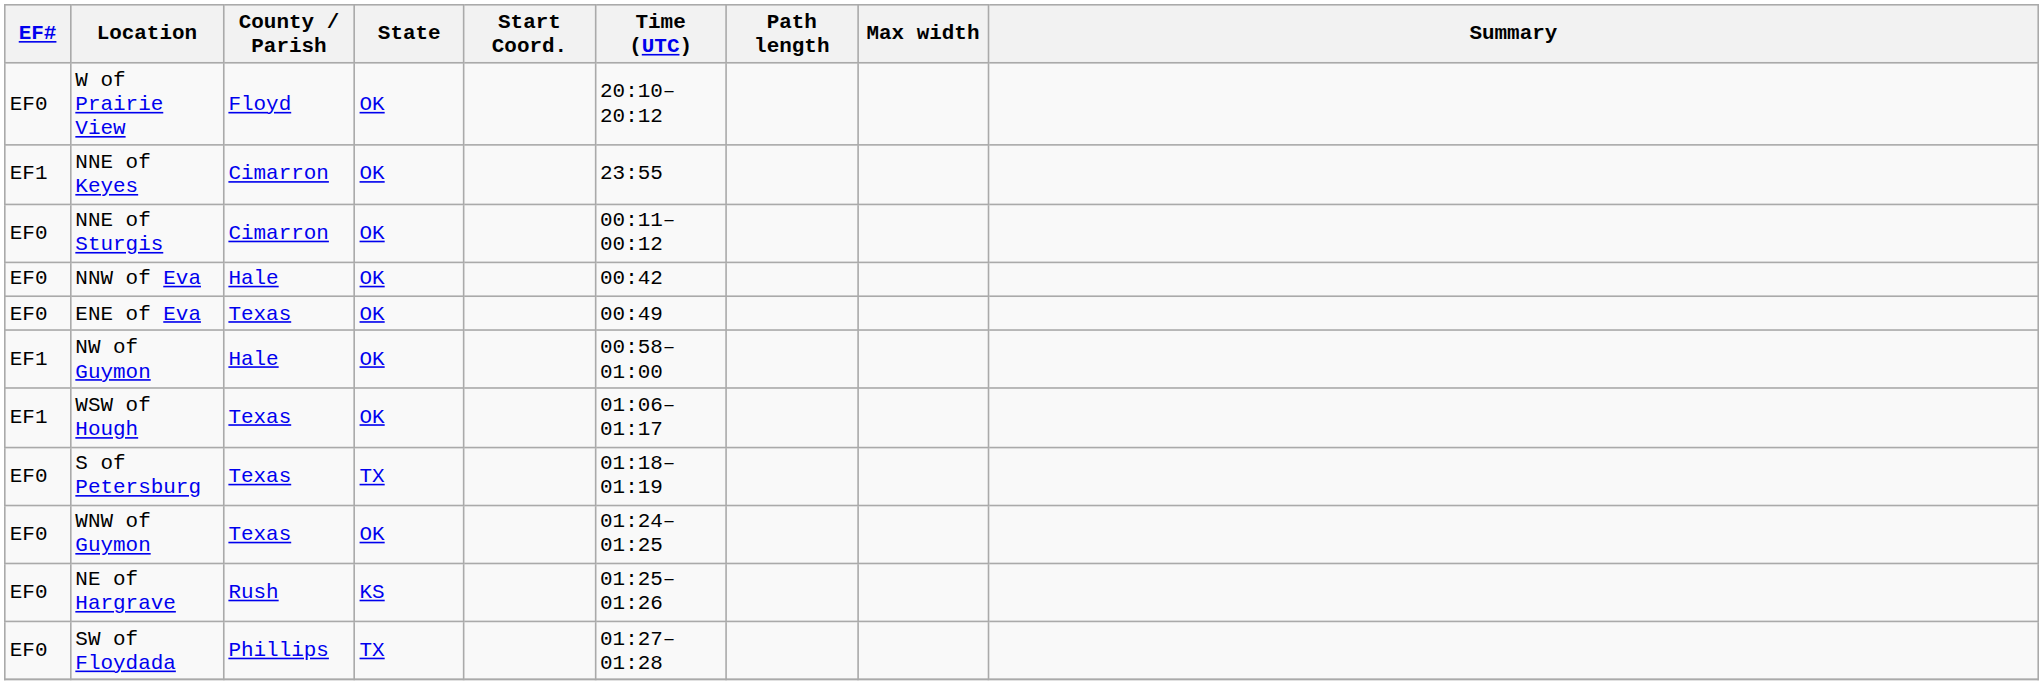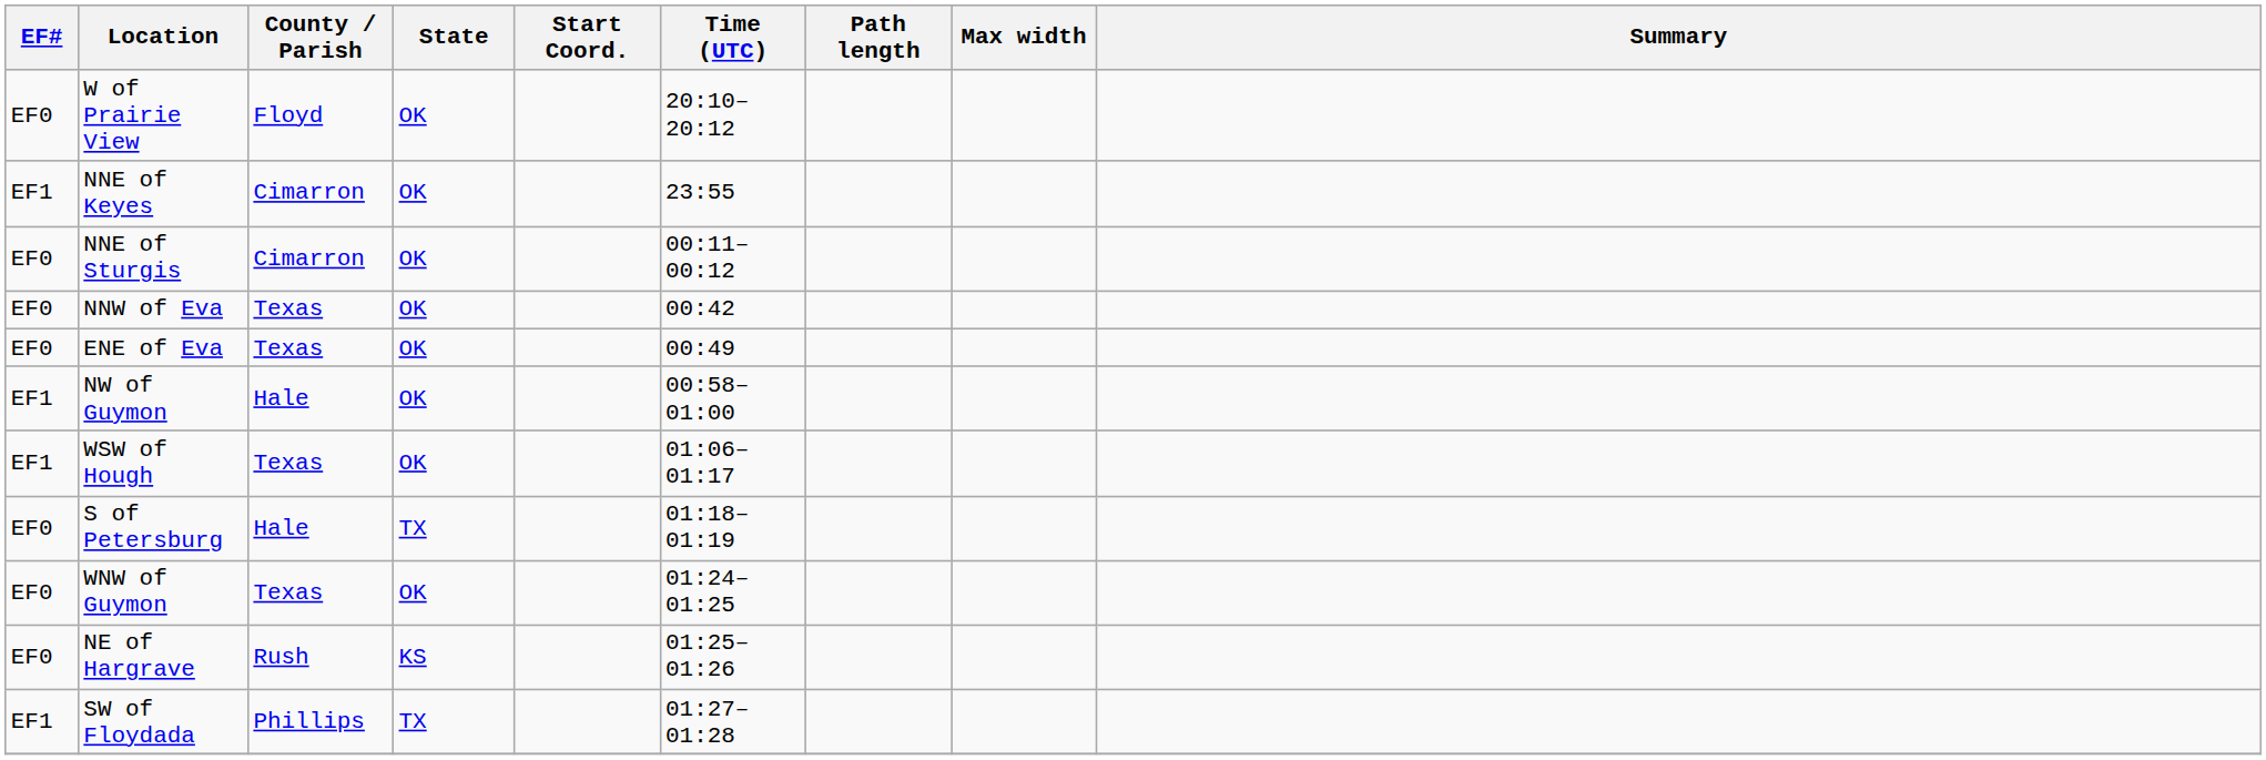 <table class="wikitable sortable" style="width:100%;">
 <tr>
 <th scope="col"  style="width:3%; text-align:center;"><a href='#'>EF#</a></th>
 <th scope="col"  style="width:7%; text-align:center;" class="unsortable">Location</th>
 <th scope="col"  style="width:6%; text-align:center;" class="unsortable">County / Parish</th>
 <th scope="col"  style="width:5%; text-align:center;">State</th>
 <th scope="col"  style="width:6%; text-align:center;">Start Coord.</th>
 <th scope="col"  style="width:6%; text-align:center;">Time (<a href='#'>UTC</a>)</th>
 <th scope="col"  style="width:6%; text-align:center;">Path length</th>
 <th scope="col"  style="width:6%; text-align:center;">Max width</th>
 <th scope="col" class="unsortable" style="width:48%; text-align:center;">Summary</th>
 </tr>
 <tr>
 <td>EF0</td>
 <td>W of <a href='#'>Prairie View</a></td>
 <td><a href='#'>Floyd</a></td>
 <td><a href='#'>OK</a></td>
 <td></td>
 <td>20:10–20:12</td>
 <td></td>
 <td></td>
 <td></td>
 </tr>
 <tr>
 <td>EF1</td>
 <td>NNE of <a href='#'>Keyes</a></td>
 <td><a href='#'>Cimarron</a></td>
 <td><a href='#'>OK</a></td>
 <td></td>
 <td>23:55</td>
 <td></td>
 <td></td>
 <td></td>
 </tr>
 <tr>
 <td>EF0</td>
 <td>NNE of <a href='#'>Sturgis</a></td>
 <td><a href='#'>Cimarron</a></td>
 <td><a href='#'>OK</a></td>
 <td></td>
 <td>00:11–00:12</td>
 <td></td>
 <td></td>
 <td></td>
 </tr>
 <tr>
 <td>EF0</td>
 <td>NNW of <a href='#'>Eva</a></td>
-<td><a href='#'>Hale</a></td>
+<td><a href='#'>Texas</a></td>
 <td><a href='#'>OK</a></td>
 <td></td>
 <td>00:42</td>
 <td></td>
 <td></td>
 <td></td>
 </tr>
 <tr>
 <td>EF0</td>
 <td>ENE of <a href='#'>Eva</a></td>
 <td><a href='#'>Texas</a></td>
 <td><a href='#'>OK</a></td>
 <td></td>
 <td>00:49</td>
 <td></td>
 <td></td>
 <td></td>
 </tr>
 <tr>
 <td>EF1</td>
 <td>NW of <a href='#'>Guymon</a></td>
 <td><a href='#'>Hale</a></td>
 <td><a href='#'>OK</a></td>
 <td></td>
 <td>00:58–01:00</td>
 <td></td>
 <td></td>
 <td></td>
 </tr>
 <tr>
 <td>EF1</td>
 <td>WSW of <a href='#'>Hough</a></td>
 <td><a href='#'>Texas</a></td>
 <td><a href='#'>OK</a></td>
 <td></td>
 <td>01:06–01:17</td>
 <td></td>
 <td></td>
 <td></td>
 </tr>
 <tr>
 <td>EF0</td>
 <td>S of <a href='#'>Petersburg</a></td>
-<td><a href='#'>Texas</a></td>
+<td><a href='#'>Hale</a></td>
 <td><a href='#'>TX</a></td>
 <td></td>
 <td>01:18–01:19</td>
 <td></td>
 <td></td>
 <td></td>
 </tr>
 <tr>
 <td>EF0</td>
 <td>WNW of <a href='#'>Guymon</a></td>
 <td><a href='#'>Texas</a></td>
 <td><a href='#'>OK</a></td>
 <td></td>
 <td>01:24–01:25</td>
 <td></td>
 <td></td>
 <td></td>
 </tr>
 <tr>
 <td>EF0</td>
 <td>NE of <a href='#'>Hargrave</a></td>
 <td><a href='#'>Rush</a></td>
 <td><a href='#'>KS</a></td>
 <td></td>
 <td>01:25–01:26</td>
 <td></td>
 <td></td>
 <td></td>
 </tr>
 <tr>
-<td>EF0</td>
+<td>EF1</td>
 <td>SW of <a href='#'>Floydada</a></td>
 <td><a href='#'>Phillips</a></td>
 <td><a href='#'>TX</a></td>
 <td></td>
 <td>01:27–01:28</td>
 <td></td>
 <td></td>
 <td></td>
 </tr>
 <tr>
 </tr>
 </table>
